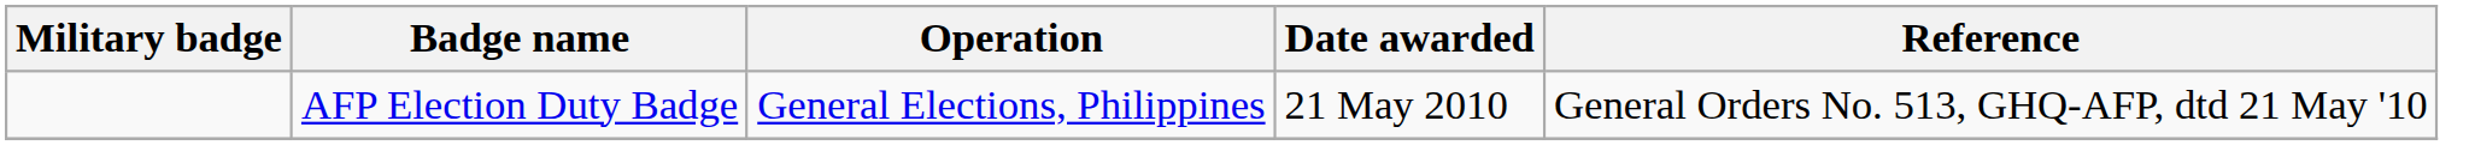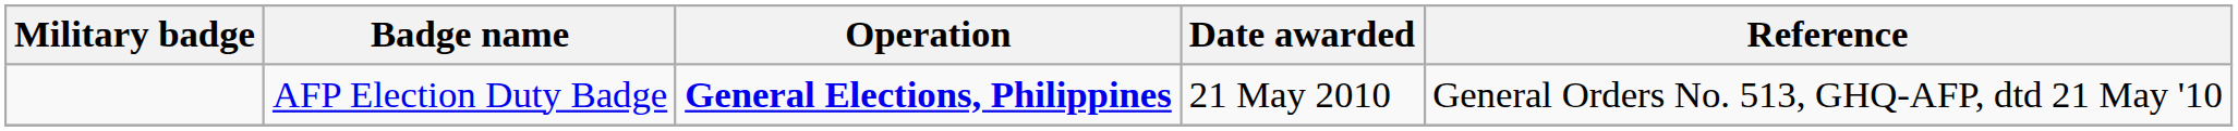 <table class="wikitable">
 <tr>
 <th>Military badge</th>
 <th>Badge name</th>
 <th>Operation</th>
 <th>Date awarded</th>
 <th>Reference</th>
 </tr>
 <tr>
 <td></td>
 <td><a href='#'>AFP Election Duty Badge</a></td>
-<td><a href='#'>General Elections, Philippines</a></td>
+<td><strong><a href='#'>General Elections, Philippines</a></strong></td>
 <td>21 May 2010</td>
 <td>General Orders No. 513, GHQ-AFP, dtd 21 May '10</td>
 </tr>
 <tr>
 </tr>
 </table>
